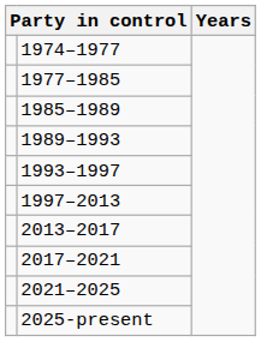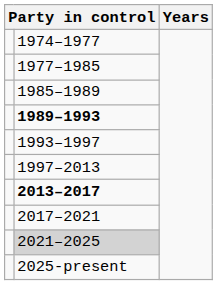 <table class="wikitable">
 <tr>
 <th colspan="2">Party in control</th>
 <th>Years</th>
 </tr>
 <tr>
 <td></td>
 <td>1974–1977</td>
 </tr>
 <tr>
 <td></td>
 <td>1977–1985</td>
 </tr>
 <tr>
 <td></td>
 <td>1985–1989</td>
 </tr>
 <tr>
 <td></td>
-<td>1989–1993</td>
+<td><strong>1989–1993</strong></td>
 </tr>
 <tr>
 <td></td>
 <td>1993–1997</td>
 </tr>
 <tr>
 <td></td>
 <td>1997–2013</td>
 </tr>
 <tr>
 <td></td>
-<td>2013–2017</td>
+<td><strong>2013–2017</strong></td>
 </tr>
 <tr>
 <td></td>
 <td>2017–2021</td>
 </tr>
 <tr>
 <td></td>
-<td>2021–2025</td>
+<td style="background: lightgrey;">2021–2025</td>
 </tr>
 <tr>
 <td></td>
 <td>2025-present</td>
 </tr>
 </table>
